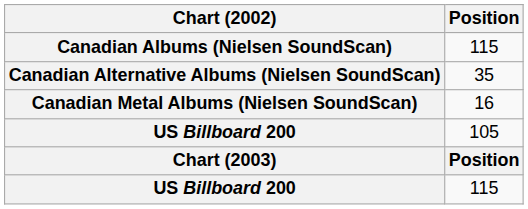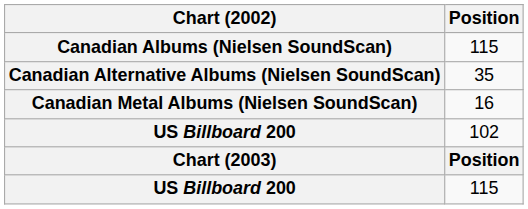 <table class="wikitable plainrowheaders" style="text-align:center">
 <tr>
 <th scope="col">Chart (2002)</th>
 <th scope="col">Position</th>
 </tr>
 <tr>
 <th scope="row">Canadian Albums (Nielsen SoundScan)</th>
 <td>115</td>
 </tr>
 <tr>
 <th scope="row">Canadian Alternative Albums (Nielsen SoundScan)</th>
 <td>35</td>
 </tr>
 <tr>
 <th scope="row">Canadian Metal Albums (Nielsen SoundScan)</th>
 <td>16</td>
 </tr>
 <tr>
 <th scope="row">US <em>Billboard</em> 200</th>
-<td>105</td>
+<td>102</td>
 </tr>
 <tr>
 <th scope="col">Chart (2003)</th>
 <th scope="col">Position</th>
 </tr>
 <tr>
 <th scope="row">US <em>Billboard</em> 200</th>
 <td>115</td>
 </tr>
 </table>
